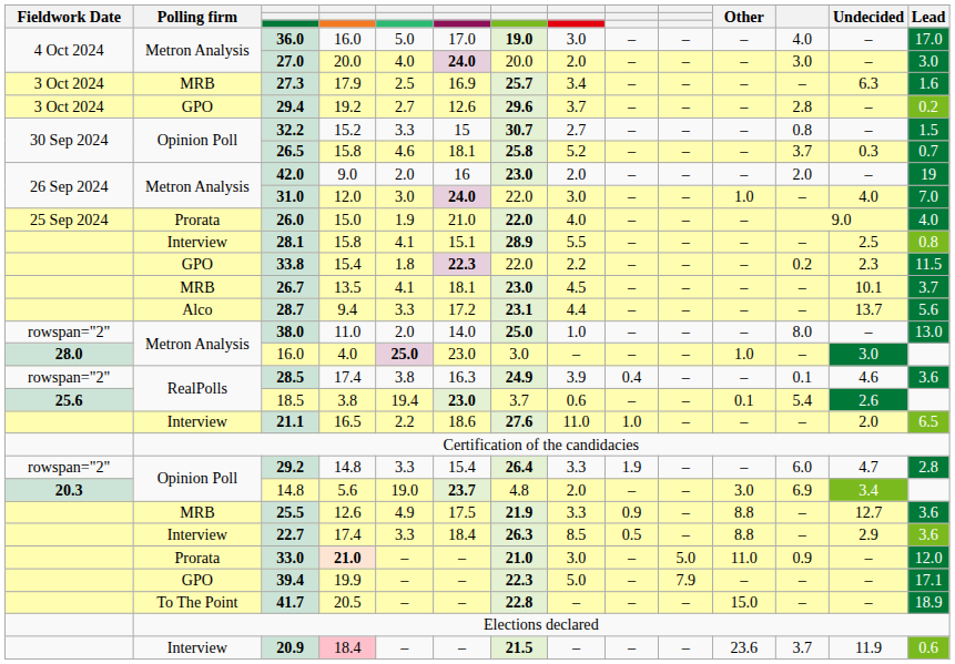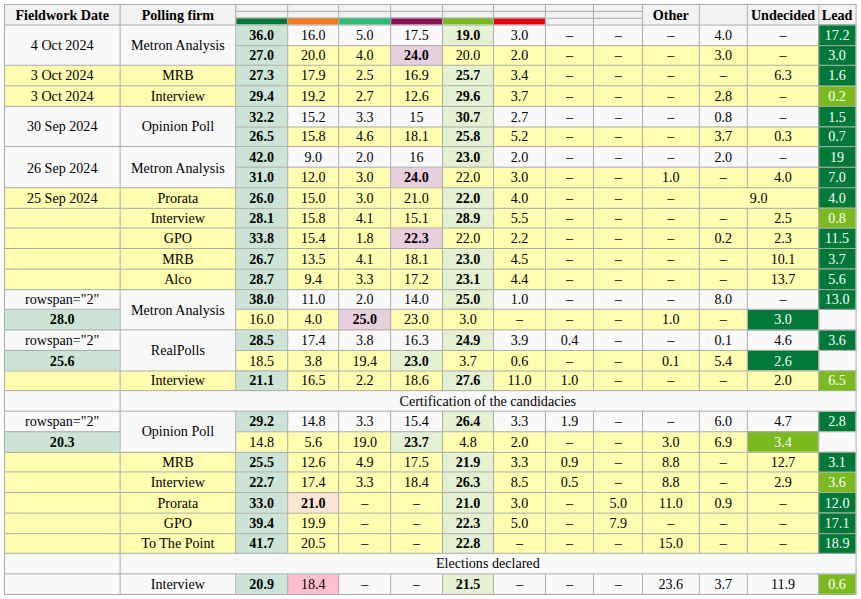 <table class="wikitable collapsible" style="text-align:center; font-size:90%; line-height:14px;">
 <tr>
 <th style="width:135px;" rowspan="3">Fieldwork Date</th>
 <th style="width:150px;" rowspan="3">Polling firm</th>
 <th style="width:60px;"></th>
 <th style="width:60px;"></th>
 <th style="width:60px;"></th>
 <th style="width:60px;"></th>
 <th style="width:60px;"></th>
 <th style="width:60px;"></th>
 <th style="width:60px;"></th>
 <th style="width:60px;"></th>
 <th style="width:60px;" rowspan="3">Other</th>
 <th style="width:60px;" rowspan="3"></th>
 <th style="width:60px;" rowspan="3">Undecided</th>
 <th style="width:30px;" rowspan="3">Lead</th>
 </tr>
 <tr>
 <th></th>
 <th></th>
 <th></th>
 <th></th>
 <th></th>
 <th></th>
 <th></th>
 <th></th>
 </tr>
 <tr>
 <th style="color:inherit;background:#007838;"></th>
 <th style="color:inherit;background:#F47921;"></th>
 <th style="color:inherit;background:#2ABA72;"></th>
 <th style="color:inherit;background:#8C1157;"></th>
 <th style="color:inherit;background:#7ABA1E;"></th>
 <th style="color:inherit;background:#E4010F;"></th>
 <th style="color:inherit;background:"></th>
 <th style="color:inherit;background:"></th>
 </tr>
 <tr>
 <td rowspan=2>4 Oct 2024</td>
 <td rowspan=2>Metron Analysis</td>
 <td style="background:#CCE4D7"><strong>36.0</strong></td>
 <td>16.0</td>
 <td>5.0</td>
-<td>17.0</td>
+<td>17.5</td>
 <td style="background:#E4F1D2"><strong>19.0</strong></td>
 <td>3.0</td>
 <td>–</td>
 <td>–</td>
 <td>–</td>
 <td>4.0</td>
 <td>–</td>
-<td style="background:#007838; color:white;">17.0</td>
+<td style="background:#007838; color:white;">17.2</td>
 </tr>
 <tr style=background:#fffdb0>
 <td style="background:#CCE4D7"><strong>27.0</strong></td>
 <td>20.0</td>
 <td>4.0</td>
 <td style="background:#E8CFDD"><strong>24.0</strong></td>
 <td>20.0</td>
 <td>2.0</td>
 <td>–</td>
 <td>–</td>
 <td>–</td>
 <td>3.0</td>
 <td>–</td>
 <td style="background:#007838; color:white;">3.0</td>
 </tr>
 <tr style=background:#fffdb0>
 <td>3 Oct 2024</td>
 <td>MRB</td>
 <td style="background:#CCE4D7"><strong>27.3</strong></td>
 <td>17.9</td>
 <td>2.5</td>
 <td>16.9</td>
 <td style="background:#E4F1D2"><strong>25.7</strong></td>
 <td>3.4</td>
 <td>–</td>
 <td>–</td>
 <td>–</td>
 <td>–</td>
 <td>6.3</td>
 <td style="background:#007838; color:white;">1.6</td>
 </tr>
 <tr style=background:#fffdb0>
 <td>3 Oct 2024</td>
-<td>GPO</td>
+<td>Interview</td>
 <td style="background:#CCE4D7"><strong>29.4</strong></td>
 <td>19.2</td>
 <td>2.7</td>
 <td>12.6</td>
 <td style="background:#E4F1D2"><strong>29.6</strong></td>
 <td>3.7</td>
 <td>–</td>
 <td>–</td>
 <td>–</td>
 <td>2.8</td>
 <td>–</td>
 <td style="background:#7ABA1E; color:white;";>0.2</td>
 </tr>
 <tr>
 <td rowspan=2>30 Sep 2024</td>
 <td rowspan=2>Opinion Poll</td>
 <td style="background:#CCE4D7"><strong>32.2</strong></td>
 <td>15.2</td>
 <td>3.3</td>
 <td>15</td>
 <td style="background:#E4F1D2"><strong>30.7</strong></td>
 <td>2.7</td>
 <td>–</td>
 <td>–</td>
 <td>–</td>
 <td>0.8</td>
 <td>–</td>
 <td style="background:#007838; color:white;">1.5</td>
 </tr>
 <tr style=background:#fffdb0>
 <td style="background:#CCE4D7"><strong>26.5</strong></td>
 <td>15.8</td>
 <td>4.6</td>
 <td>18.1</td>
 <td style="background:#E4F1D2"><strong>25.8</strong></td>
 <td>5.2</td>
 <td>–</td>
 <td>–</td>
 <td>–</td>
 <td>3.7</td>
 <td>0.3</td>
 <td style="background:#007838; color:white;">0.7</td>
 </tr>
 <tr>
 <td rowspan=2>26 Sep 2024</td>
 <td rowspan=2>Metron Analysis</td>
 <td style="background:#CCE4D7"><strong>42.0</strong></td>
 <td>9.0</td>
 <td>2.0</td>
 <td>16</td>
 <td style="background:#E4F1D2"><strong>23.0</strong></td>
 <td>2.0</td>
 <td>–</td>
 <td>–</td>
 <td>–</td>
 <td>2.0</td>
 <td>–</td>
 <td style="background:#007838; color:white;">19</td>
 </tr>
 <tr style=background:#fffdb0>
 <td style="background:#CCE4D7"><strong>31.0</strong></td>
 <td>12.0</td>
 <td>3.0</td>
 <td style="background:#E8CFDD"><strong>24.0</strong></td>
 <td>22.0</td>
 <td>3.0</td>
 <td>–</td>
 <td>–</td>
 <td>1.0</td>
 <td>–</td>
 <td>4.0</td>
 <td style="background:#007838; color:white;">7.0</td>
 </tr>
 <tr style=background:#fffdb0>
 <td>25 Sep 2024</td>
 <td>Prorata</td>
 <td style="background:#CCE4D7"><strong>26.0</strong></td>
 <td>15.0</td>
-<td>1.9</td>
+<td>3.0</td>
 <td>21.0</td>
 <td style="background:#E4F1D2"><strong>22.0</strong></td>
 <td>4.0</td>
 <td>–</td>
 <td>–</td>
 <td>–</td>
 <td colspan=2>9.0</td>
 <td style="background:#007838; color:white;">4.0</td>
 </tr>
 <tr style=background:#fffdb0>
 <td></td>
 <td>Interview</td>
 <td style="background:#CCE4D7"><strong>28.1</strong></td>
 <td>15.8</td>
 <td>4.1</td>
 <td>15.1</td>
 <td style="background:#E4F1D2"><strong>28.9</strong></td>
 <td>5.5</td>
 <td>–</td>
 <td>–</td>
 <td>–</td>
 <td>–</td>
 <td>2.5</td>
 <td style="background:#7ABA1E; color:white;">0.8</td>
 </tr>
 <tr style=background:#fffdb0>
 <td></td>
 <td>GPO</td>
 <td style="background:#CCE4D7"><strong>33.8</strong></td>
 <td>15.4</td>
 <td>1.8</td>
 <td style="background:#E8CFDD"><strong>22.3</strong></td>
 <td>22.0</td>
 <td>2.2</td>
 <td>–</td>
 <td>–</td>
 <td>–</td>
 <td>0.2</td>
 <td>2.3</td>
 <td style="background:#007838; color:white;">11.5</td>
 </tr>
 <tr style=background:#fffdb0>
 <td></td>
 <td>MRB</td>
 <td style="background:#CCE4D7"><strong>26.7</strong></td>
 <td>13.5</td>
 <td>4.1</td>
 <td>18.1</td>
 <td style="background:#E4F1D2"><strong>23.0</strong></td>
 <td>4.5</td>
 <td>–</td>
 <td>–</td>
 <td>–</td>
 <td>–</td>
 <td>10.1</td>
 <td style="background:#007838; color:white;">3.7</td>
 </tr>
 <tr style=background:#fffdb0>
 <td></td>
 <td>Alco</td>
 <td style="background:#CCE4D7"><strong>28.7</strong></td>
 <td>9.4</td>
 <td>3.3</td>
 <td>17.2</td>
 <td style="background:#E4F1D2"><strong>23.1</strong></td>
 <td>4.4</td>
 <td>–</td>
 <td>–</td>
 <td>–</td>
 <td>–</td>
 <td>13.7</td>
 <td style="background:#007838; color:white;">5.6</td>
 </tr>
 <tr>
 <td>rowspan="2" </td>
 <td rowspan="2">Metron Analysis</td>
 <td style="background:#CCE4D7"><strong>38.0</strong></td>
 <td>11.0</td>
 <td>2.0</td>
 <td>14.0</td>
 <td style="background:#E4F1D2"><strong>25.0</strong></td>
 <td>1.0</td>
 <td>–</td>
 <td>–</td>
 <td>–</td>
 <td>8.0</td>
 <td>–</td>
 <td style="background:#007838; color:white;">13.0</td>
 </tr>
 <tr style=background:#fffdb0>
 <td style="background:#CCE4D7"><strong>28.0</strong></td>
 <td>16.0</td>
 <td>4.0</td>
 <td style="background:#E8CFDD"><strong>25.0</strong></td>
 <td>23.0</td>
 <td>3.0</td>
 <td>–</td>
 <td>–</td>
 <td>–</td>
 <td>1.0</td>
 <td>–</td>
 <td style="background:#007838; color:white;">3.0</td>
 </tr>
 <tr>
 <td>rowspan="2" </td>
 <td rowspan="2">RealPolls</td>
 <td style="background:#CCE4D7"><strong>28.5</strong></td>
 <td>17.4</td>
 <td>3.8</td>
 <td>16.3</td>
 <td style="background:#E4F1D2"><strong>24.9</strong></td>
 <td>3.9</td>
 <td>0.4</td>
 <td>–</td>
 <td>–</td>
 <td>0.1</td>
 <td>4.6</td>
 <td style="background:#007838; color:white;">3.6</td>
 </tr>
 <tr style=background:#fffdb0>
 <td style="background:#CCE4D7"><strong>25.6</strong></td>
 <td>18.5</td>
 <td>3.8</td>
 <td>19.4</td>
 <td style="background:#E4F1D2"><strong>23.0</strong></td>
 <td>3.7</td>
 <td>0.6</td>
 <td>–</td>
 <td>–</td>
 <td>0.1</td>
 <td>5.4</td>
 <td style="background:#007838; color:white;">2.6</td>
 </tr>
 <tr style=background:#fffdb0>
 <td></td>
 <td>Interview</td>
 <td style="background:#CCE4D7"><strong>21.1</strong></td>
 <td>16.5</td>
 <td>2.2</td>
 <td>18.6</td>
 <td style="background:#E4F1D2"><strong>27.6</strong></td>
 <td>11.0</td>
 <td>1.0</td>
 <td>–</td>
 <td>–</td>
 <td>–</td>
 <td>2.0</td>
 <td style="background:#7ABA1E; color:white;">6.5</td>
 </tr>
 <tr>
 <td></td>
 <td colspan="13">Certification of the candidacies</td>
 </tr>
 <tr>
 <td>rowspan="2" </td>
 <td rowspan="2">Opinion Poll</td>
 <td style="background:#CCE4D7"><strong>29.2</strong></td>
 <td>14.8</td>
 <td>3.3</td>
 <td>15.4</td>
 <td style="background:#E4F1D2"><strong>26.4</strong></td>
 <td>3.3</td>
 <td>1.9</td>
 <td>–</td>
 <td>–</td>
 <td>6.0</td>
 <td>4.7</td>
 <td style="background:#007838; color:white;">2.8</td>
 </tr>
 <tr style=background:#fffdb0>
 <td style="background:#CCE4D7"><strong>20.3</strong></td>
 <td>14.8</td>
 <td>5.6</td>
 <td>19.0</td>
 <td style="background:#E4F1D2"><strong>23.7</strong></td>
 <td>4.8</td>
 <td>2.0</td>
 <td>–</td>
 <td>–</td>
 <td>3.0</td>
 <td>6.9</td>
 <td style="background:#7ABA1E; color:white;">3.4</td>
 </tr>
 <tr style=background:#fffdb0>
 <td></td>
 <td>MRB</td>
 <td style="background:#CCE4D7"><strong>25.5</strong></td>
 <td>12.6</td>
 <td>4.9</td>
 <td>17.5</td>
 <td style="background:#E4F1D2"><strong>21.9</strong></td>
 <td>3.3</td>
 <td>0.9</td>
 <td>–</td>
 <td>8.8</td>
 <td>–</td>
 <td>12.7</td>
-<td style="background:#007838; color:white;">3.6</td>
+<td style="background:#007838; color:white;">3.1</td>
 </tr>
 <tr style=background:#fffdb0>
 <td></td>
 <td>Interview</td>
 <td style="background:#CCE4D7"><strong>22.7</strong></td>
 <td>17.4</td>
 <td>3.3</td>
 <td>18.4</td>
 <td style="background:#E4F1D2"><strong>26.3</strong></td>
 <td>8.5</td>
 <td>0.5</td>
 <td>–</td>
 <td>8.8</td>
 <td>–</td>
 <td>2.9</td>
 <td style="background:#7ABA1E; color:white;">3.6</td>
 </tr>
 <tr style=background:#fffdb0>
 <td></td>
 <td>Prorata</td>
 <td style="background:#CCE4D7"><strong>33.0</strong></td>
 <td style="background:#FDE4D3"><strong>21.0</strong></td>
 <td>–</td>
 <td>–</td>
 <td style="background:#E4F1D2"><strong>21.0</strong></td>
 <td>3.0</td>
 <td>–</td>
 <td>5.0</td>
 <td>11.0</td>
 <td>0.9</td>
 <td>–</td>
 <td style="background:#007838; color:white;">12.0</td>
 </tr>
 <tr style=background:#fffdb0>
 <td></td>
 <td>GPO</td>
 <td style="background:#CCE4D7"><strong>39.4</strong></td>
 <td>19.9</td>
 <td>–</td>
 <td>–</td>
 <td style="background:#E4F1D2"><strong>22.3</strong></td>
 <td>5.0</td>
 <td>–</td>
 <td>7.9</td>
 <td>–</td>
 <td>–</td>
 <td>–</td>
 <td style="background:#007838; color:white;">17.1</td>
 </tr>
 <tr style=background:#fffdb0>
 <td></td>
 <td>To The Point</td>
 <td style="background:#CCE4D7"><strong>41.7</strong></td>
 <td>20.5</td>
 <td>–</td>
 <td>–</td>
 <td style="background:#E4F1D2"><strong>22.8</strong></td>
 <td>–</td>
 <td>–</td>
 <td>–</td>
 <td>15.0</td>
 <td>–</td>
 <td>–</td>
 <td style="background:#007838; color:white;">18.9</td>
 </tr>
 <tr>
 <td></td>
 <td colspan="13">Elections declared</td>
 </tr>
 <tr>
 <td></td>
 <td>Interview</td>
 <td style="background:#CCE4D7"><strong>20.9</strong></td>
 <td style="background: pink;">18.4</td>
 <td>–</td>
 <td>–</td>
 <td style="background:#E4F1D2"><strong>21.5</strong></td>
 <td>–</td>
 <td>–</td>
 <td>–</td>
 <td>23.6</td>
 <td>3.7</td>
 <td>11.9</td>
 <td style="background:#7ABA1E; color:white;">0.6</td>
 </tr>
 </table>
